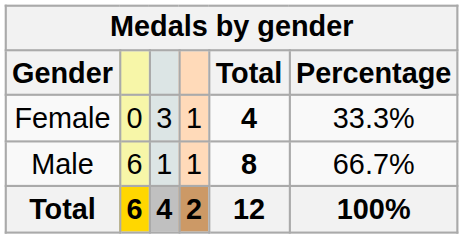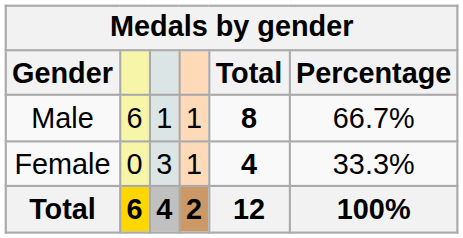 <table class=wikitable style=font-size:85%;float:right;text-align:center>
 <tr>
 <th colspan=6>Medals by gender</th>
 </tr>
 <tr>
 <th>Gender</th>
 <td bgcolor=F7F6A8></td>
 <td bgcolor=DCE5E5></td>
 <td bgcolor=FFDAB9></td>
 <th>Total</th>
 <th>Percentage</th>
 </tr>
 <tr>
+<td>Male</td>
+<td bgcolor=F7F6A8>6</td>
+<td bgcolor=DCE5E5>1</td>
+<td bgcolor=FFDAB9>1</td>
+<td><strong>8</strong></td>
+<td>66.7%</td>
+</tr>
+<tr>
 <td>Female</td>
 <td bgcolor=F7F6A8>0</td>
 <td bgcolor=DCE5E5>3</td>
 <td bgcolor=FFDAB9>1</td>
 <td><strong>4</strong></td>
 <td>33.3%</td>
-</tr>
-<tr>
-<td>Male</td>
-<td bgcolor=F7F6A8>6</td>
-<td bgcolor=DCE5E5>1</td>
-<td bgcolor=FFDAB9>1</td>
-<td><strong>8</strong></td>
-<td>66.7%</td>
 </tr>
 <tr>
 <th>Total</th>
 <th style=background:gold>6</th>
 <th style=background:silver>4</th>
 <th style=background:#c96>2</th>
 <th>12</th>
 <th>100%</th>
 </tr>
 </table>
